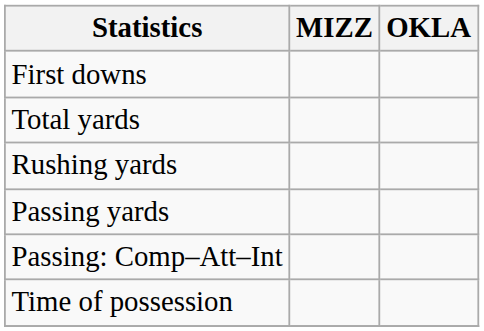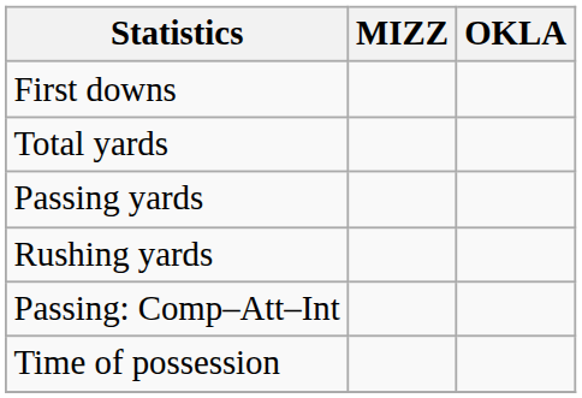 <table class="wikitable" style="float: left;">
 <tr>
 <th>Statistics</th>
 <th>MIZZ</th>
 <th>OKLA</th>
 </tr>
 <tr>
 <td>First downs</td>
 <td></td>
 <td></td>
 </tr>
 <tr>
 <td>Total yards</td>
 <td></td>
 <td></td>
 </tr>
 <tr>
-<td>Rushing yards</td>
+<td>Passing yards</td>
 <td></td>
 <td></td>
 </tr>
 <tr>
-<td>Passing yards</td>
+<td>Rushing yards</td>
 <td></td>
 <td></td>
 </tr>
 <tr>
 <td>Passing: Comp–Att–Int</td>
 <td></td>
 <td></td>
 </tr>
 <tr>
 <td>Time of possession</td>
 <td></td>
 <td></td>
 </tr>
 <tr>
 </tr>
 </table>
